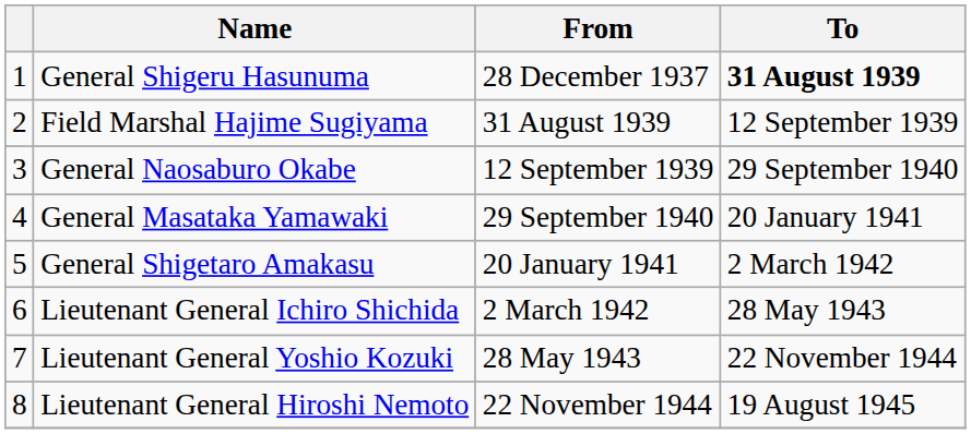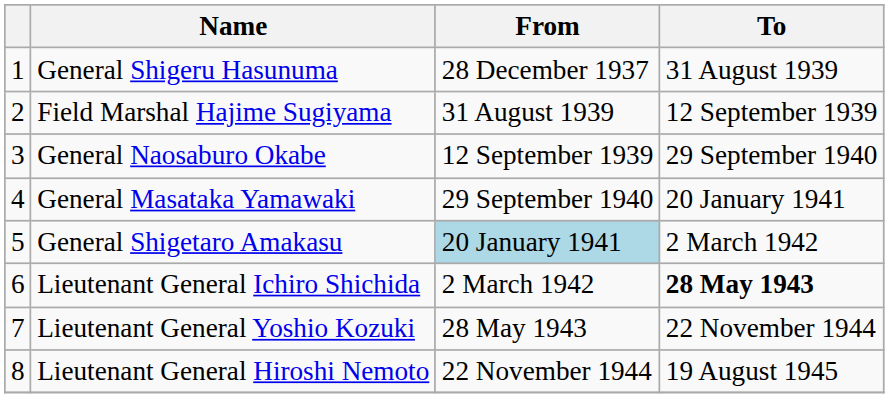 <table class=wikitable>
 <tr>
 <th></th>
 <th>Name</th>
 <th>From</th>
 <th>To</th>
 </tr>
 <tr>
 <td>1</td>
 <td>General <a href='#'>Shigeru Hasunuma</a></td>
 <td>28 December 1937</td>
-<td><strong>31 August 1939</strong></td>
+<td>31 August 1939</td>
 </tr>
 <tr>
 <td>2</td>
 <td>Field Marshal <a href='#'>Hajime Sugiyama</a></td>
 <td>31 August 1939</td>
 <td>12 September 1939</td>
 </tr>
 <tr>
 <td>3</td>
 <td>General <a href='#'>Naosaburo Okabe</a></td>
 <td>12 September 1939</td>
 <td>29 September 1940</td>
 </tr>
 <tr>
 <td>4</td>
 <td>General <a href='#'>Masataka Yamawaki</a></td>
 <td>29 September 1940</td>
 <td>20 January 1941</td>
 </tr>
 <tr>
 <td>5</td>
 <td>General <a href='#'>Shigetaro Amakasu</a></td>
-<td>20 January 1941</td>
+<td style="background: lightblue;">20 January 1941</td>
 <td>2 March 1942</td>
 </tr>
 <tr>
 <td>6</td>
 <td>Lieutenant General <a href='#'>Ichiro Shichida</a></td>
 <td>2 March 1942</td>
-<td>28 May 1943</td>
+<td><strong>28 May 1943</strong></td>
 </tr>
 <tr>
 <td>7</td>
 <td>Lieutenant General <a href='#'>Yoshio Kozuki</a></td>
 <td>28 May 1943</td>
 <td>22 November 1944</td>
 </tr>
 <tr>
 <td>8</td>
 <td>Lieutenant General <a href='#'>Hiroshi Nemoto</a></td>
 <td>22 November 1944</td>
 <td>19 August 1945</td>
 </tr>
 <tr>
 </tr>
 </table>
